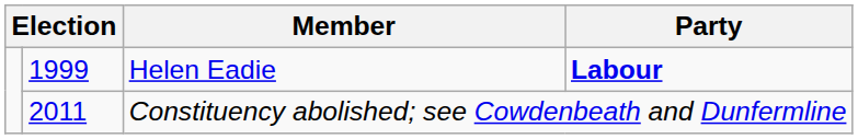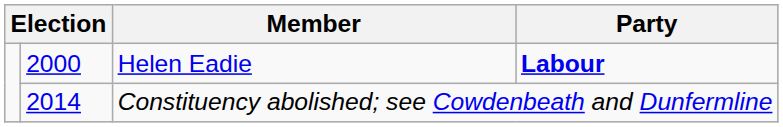 <table class="wikitable">
 <tr>
 <th colspan="2">Election</th>
 <th>Member</th>
 <th>Party</th>
 </tr>
 <tr>
 <td rowspan="3" style="background-color: "></td>
-<td><a href='#'>1999</a></td>
+<td><a href='#'>2000</a></td>
 <td><a href='#'>Helen Eadie</a></td>
 <td><strong><a href='#'>Labour</a></strong></td>
 </tr>
 <tr>
-<td><a href='#'>2011</a></td>
+<td><a href='#'>2014</a></td>
 <td colspan="2"><em>Constituency abolished; see <a href='#'>Cowdenbeath</a> and <a href='#'>Dunfermline</a></em></td>
 </tr>
 </table>
